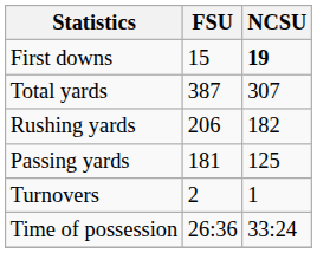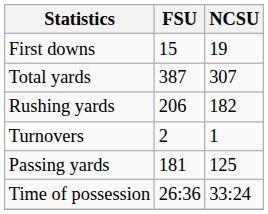 <table class="wikitable">
 <tr>
 <th>Statistics</th>
 <th>FSU</th>
 <th>NCSU</th>
 </tr>
 <tr>
 <td>First downs</td>
 <td>15</td>
-<td><strong>19</strong></td>
+<td>19</td>
 </tr>
 <tr>
 <td>Total yards</td>
 <td>387</td>
 <td>307</td>
 </tr>
 <tr>
 <td>Rushing yards</td>
 <td>206</td>
 <td>182</td>
 </tr>
 <tr>
+<td>Turnovers</td>
+<td>2</td>
+<td>1</td>
+</tr>
+<tr>
 <td>Passing yards</td>
 <td>181</td>
 <td>125</td>
-</tr>
-<tr>
-<td>Turnovers</td>
-<td>2</td>
-<td>1</td>
 </tr>
 <tr>
 <td>Time of possession</td>
 <td>26:36</td>
 <td>33:24</td>
 </tr>
 <tr>
 </tr>
 </table>
